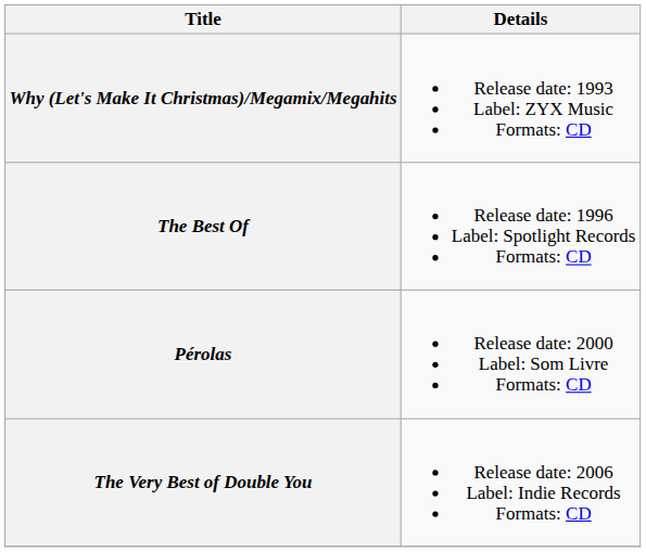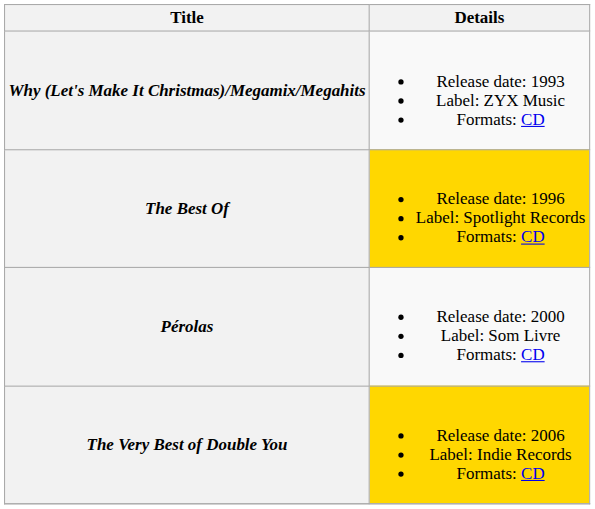 <table class="wikitable plainrowheaders" style="text-align:center;">
 <tr>
 <th ! colspan="1">Title</th>
 <th ! colspan="2">Details</th>
 </tr>
 <tr>
 <th scope="row"><em>Why (Let's Make It Christmas)/Megamix/Megahits</em></th>
 <td><br><ul><li>Release date: 1993</li><li>Label: ZYX Music</li><li>Formats: <a href='#'>CD</a></li></ul></td>
 </tr>
 <tr>
 <th scope="row"><em>The Best Of</em></th>
-<td><br><ul><li>Release date: 1996</li><li>Label: Spotlight Records</li><li>Formats: <a href='#'>CD</a></li></ul></td>
+<td style="background: gold;"><br><ul><li>Release date: 1996</li><li>Label: Spotlight Records</li><li>Formats: <a href='#'>CD</a></li></ul></td>
 </tr>
 <tr>
 <th scope="row"><em>Pérolas</em></th>
 <td><br><ul><li>Release date: 2000</li><li>Label: Som Livre</li><li>Formats: <a href='#'>CD</a></li></ul></td>
 </tr>
 <tr>
 <th scope="row"><em>The Very Best of Double You</em></th>
-<td><br><ul><li>Release date: 2006</li><li>Label: Indie Records</li><li>Formats: <a href='#'>CD</a></li></ul></td>
+<td style="background: gold;"><br><ul><li>Release date: 2006</li><li>Label: Indie Records</li><li>Formats: <a href='#'>CD</a></li></ul></td>
 </tr>
 <tr>
 </tr>
 </table>
